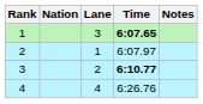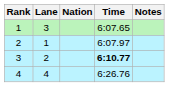 <table class="wikitable sortable" style="text-align:center">
 <tr>
 <th>Rank</th>
+<th>Lane</th>
 <th>Nation</th>
-<th>Lane</th>
 <th>Time</th>
 <th>Notes</th>
 </tr>
 <tr bgcolor=bbf3bb>
 <td>1</td>
+<td>3</td>
 <td align=left></td>
-<td>3</td>
-<td><strong>6:07.65</strong></td>
+<td>6:07.65</td>
 <td align=center></td>
 </tr>
 <tr bgcolor=bbf3ff>
 <td>2</td>
+<td>1</td>
 <td align=left></td>
-<td>1</td>
 <td>6:07.97</td>
 <td align=center></td>
 </tr>
 <tr bgcolor=bbf3ff>
 <td>3</td>
+<td>2</td>
 <td align=left></td>
-<td>2</td>
 <td><strong>6:10.77</strong></td>
 <td align=center></td>
 </tr>
 <tr bgcolor=bbf3ff>
 <td>4</td>
+<td>4</td>
 <td align=left></td>
-<td>4</td>
 <td>6:26.76</td>
 <td align=center></td>
 </tr>
 </table>
